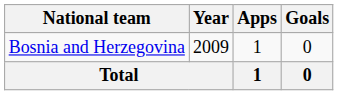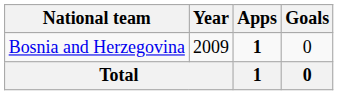 <table class=wikitable style=text-align:center>
 <tr>
 <th>National team</th>
 <th>Year</th>
 <th>Apps</th>
 <th>Goals</th>
 </tr>
 <tr>
 <td><a href='#'>Bosnia and Herzegovina</a></td>
 <td>2009</td>
-<td>1</td>
+<td><strong>1</strong></td>
 <td>0</td>
 </tr>
 <tr>
 <th colspan=2>Total</th>
 <th>1</th>
 <th>0</th>
 </tr>
 </table>
